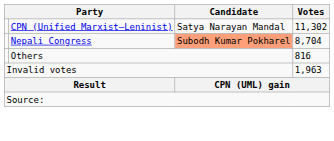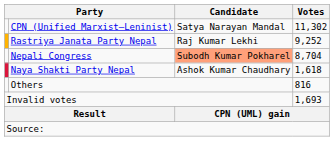 <table class="wikitable">
 <tr>
 <th colspan="2">Party</th>
 <th>Candidate</th>
 <th>Votes</th>
 </tr>
 <tr>
 <td style="background-color:"></td>
 <td><a href='#'>CPN (Unified Marxist–Leninist)</a></td>
 <td>Satya Narayan Mandal</td>
 <td>11,302</td>
 </tr>
 <tr>
+<td style="background-color:#ffb300"></td>
+<td><a href='#'>Rastriya Janata Party Nepal</a></td>
+<td>Raj Kumar Lekhi</td>
+<td>9,252</td>
+</tr>
+<tr>
 <td style="background-color:"></td>
 <td><a href='#'>Nepali Congress</a></td>
 <td style="background: lightsalmon;">Subodh Kumar Pokharel</td>
 <td>8,704</td>
+</tr>
+<tr>
+<td style="background-color:crimson"></td>
+<td><a href='#'>Naya Shakti Party Nepal</a></td>
+<td>Ashok Kumar Chaudhary</td>
+<td>1,618</td>
 </tr>
 <tr>
 <td></td>
 <td colspan="2">Others</td>
 <td>816</td>
 </tr>
 <tr>
 <td colspan="3">Invalid votes</td>
-<td>1,963</td>
+<td>1,693</td>
 </tr>
 <tr>
 <th colspan="2">Result</th>
 <th colspan="2">CPN (UML) gain</th>
 </tr>
 <tr>
 <td colspan="4">Source: </td>
 </tr>
 </table>
